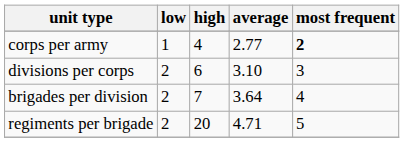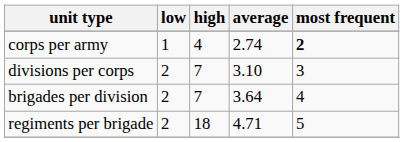 <table class="wikitable" style="display: inline-table;">
 <tr>
 <th><strong>unit type</strong></th>
 <th><strong>low</strong></th>
 <th><strong>high</strong></th>
 <th><strong>average</strong></th>
 <th><strong>most frequent</strong></th>
 </tr>
 <tr>
 </tr>
 <tr>
 <td>corps per army</td>
 <td>1</td>
 <td>4</td>
-<td>2.77</td>
+<td>2.74</td>
 <td><strong>2</strong></td>
 </tr>
 <tr>
 <td>divisions per corps</td>
 <td>2</td>
-<td>6</td>
+<td>7</td>
 <td>3.10</td>
 <td>3</td>
 </tr>
 <tr>
 <td>brigades per division</td>
 <td>2</td>
 <td>7</td>
 <td>3.64</td>
 <td>4</td>
 </tr>
 <tr>
 <td>regiments per brigade</td>
 <td>2</td>
-<td>20</td>
+<td>18</td>
 <td>4.71</td>
 <td>5</td>
 </tr>
 <tr>
 </tr>
 </table>
